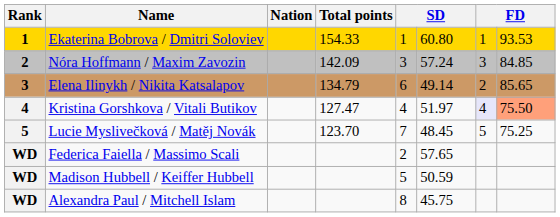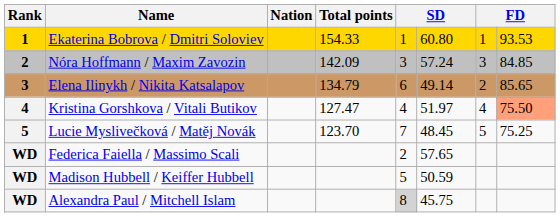 <table class="wikitable sortable">
 <tr>
 <th>Rank</th>
 <th>Name</th>
 <th>Nation</th>
 <th>Total points</th>
 <th colspan="2" width="80px"><a href='#'>SD</a></th>
 <th colspan="2" width="80px"><a href='#'>FD</a></th>
 </tr>
 <tr bgcolor="gold">
 <td align="center"><strong>1</strong></td>
 <td><a href='#'>Ekaterina Bobrova</a> / <a href='#'>Dmitri Soloviev</a></td>
 <td></td>
 <td>154.33</td>
 <td>1</td>
 <td>60.80</td>
 <td>1</td>
 <td>93.53</td>
 </tr>
 <tr bgcolor="silver">
 <td align="center"><strong>2</strong></td>
 <td><a href='#'>Nóra Hoffmann</a> / <a href='#'>Maxim Zavozin</a></td>
 <td></td>
 <td>142.09</td>
 <td>3</td>
 <td>57.24</td>
 <td>3</td>
 <td>84.85</td>
 </tr>
 <tr bgcolor="cc9966">
 <td align="center"><strong>3</strong></td>
 <td><a href='#'>Elena Ilinykh</a> / <a href='#'>Nikita Katsalapov</a></td>
 <td></td>
 <td>134.79</td>
 <td>6</td>
 <td>49.14</td>
 <td>2</td>
 <td>85.65</td>
 </tr>
 <tr>
 <th>4</th>
 <td><a href='#'>Kristina Gorshkova</a> / <a href='#'>Vitali Butikov</a></td>
 <td></td>
 <td>127.47</td>
 <td>4</td>
 <td>51.97</td>
-<td style="background: lavender;">4</td>
+<td>4</td>
 <td style="background: lightsalmon;">75.50</td>
 </tr>
 <tr>
 <th>5</th>
 <td><a href='#'>Lucie Myslivečková</a> / <a href='#'>Matěj Novák</a></td>
 <td></td>
 <td>123.70</td>
 <td>7</td>
 <td>48.45</td>
 <td>5</td>
 <td>75.25</td>
 </tr>
 <tr>
 <th>WD</th>
 <td><a href='#'>Federica Faiella</a> / <a href='#'>Massimo Scali</a></td>
 <td></td>
 <td></td>
 <td>2</td>
 <td>57.65</td>
 <td></td>
 <td></td>
 </tr>
 <tr>
 <th>WD</th>
 <td><a href='#'>Madison Hubbell</a> / <a href='#'>Keiffer Hubbell</a></td>
 <td></td>
 <td></td>
 <td>5</td>
 <td>50.59</td>
 <td></td>
 <td></td>
 </tr>
 <tr>
 <th>WD</th>
 <td><a href='#'>Alexandra Paul</a> / <a href='#'>Mitchell Islam</a></td>
 <td></td>
 <td></td>
-<td>8</td>
+<td style="background: lightgrey;">8</td>
 <td>45.75</td>
 <td></td>
 <td></td>
 </tr>
 </table>
